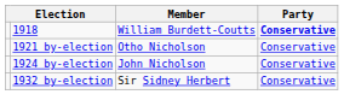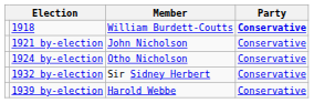 <table class="wikitable">
 <tr>
 <th colspan=2>Election</th>
 <th>Member</th>
 <th>Party</th>
 </tr>
 <tr>
 <td style="color:inherit;background-color: "></td>
 <td><a href='#'>1918</a></td>
 <td><a href='#'>William Burdett-Coutts</a></td>
 <td><strong><a href='#'>Conservative</a></strong></td>
 </tr>
 <tr>
 <td style="color:inherit;background-color: "></td>
 <td><a href='#'>1921 by-election</a></td>
-<td><a href='#'>Otho Nicholson</a></td>
+<td><a href='#'>John Nicholson</a></td>
 <td><a href='#'>Conservative</a></td>
 </tr>
 <tr>
 <td style="color:inherit;background-color: "></td>
 <td><a href='#'>1924 by-election</a></td>
-<td><a href='#'>John Nicholson</a></td>
+<td><a href='#'>Otho Nicholson</a></td>
 <td><a href='#'>Conservative</a></td>
 </tr>
 <tr>
 <td style="color:inherit;background-color: "></td>
 <td><a href='#'>1932 by-election</a></td>
 <td>Sir <a href='#'>Sidney Herbert</a></td>
 <td><a href='#'>Conservative</a></td>
 </tr>
+<tr>
+<td style="color:inherit;background-color: "></td>
+<td><a href='#'>1939 by-election</a></td>
+<td><a href='#'>Harold Webbe</a></td>
+<td><a href='#'>Conservative</a></td>
+</tr>
 </table>
